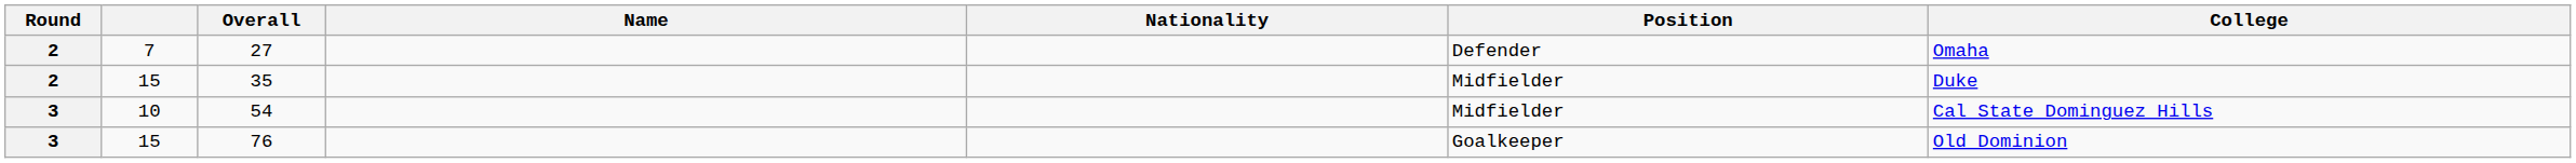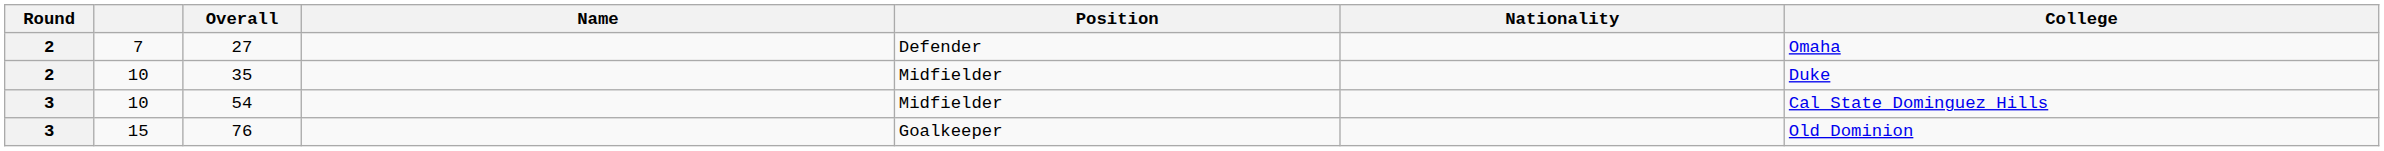 <table class="wikitable sortable" style="width:90%">
 <tr>
 <th scope="col" style="width: 3%;">Round</th>
 <th scope="col" style="width: 3%;"></th>
 <th scope="col" style="width: 4%;">Overall</th>
 <th scope="col" style="width: 20%;">Name</th>
+<th scope="col" style="width: 15%;">Position</th>
 <th scope="col" style="width: 15%;">Nationality</th>
-<th scope="col" style="width: 15%;">Position</th>
 <th scope="col" style="width: 20%;">College</th>
 </tr>
 <tr>
 <th scope="row">2</th>
 <td align="center">7</td>
 <td align="center">27</td>
 <td></td>
+<td>Defender</td>
 <td></td>
-<td>Defender</td>
 <td><a href='#'>Omaha</a></td>
 </tr>
 <tr>
 <th scope="row">2</th>
-<td align="center">15</td>
+<td align="center">10</td>
 <td align="center">35</td>
 <td></td>
+<td>Midfielder</td>
 <td></td>
-<td>Midfielder</td>
 <td><a href='#'>Duke</a></td>
 </tr>
 <tr>
 <th scope="row">3</th>
 <td align="center">10</td>
 <td align="center">54</td>
 <td></td>
+<td>Midfielder</td>
 <td></td>
-<td>Midfielder</td>
 <td><a href='#'>Cal State Dominguez Hills</a></td>
 </tr>
 <tr>
 <th scope="row">3</th>
 <td align="center">15</td>
 <td align="center">76</td>
 <td></td>
+<td>Goalkeeper</td>
 <td></td>
-<td>Goalkeeper</td>
 <td><a href='#'>Old Dominion</a></td>
 </tr>
 </table>
